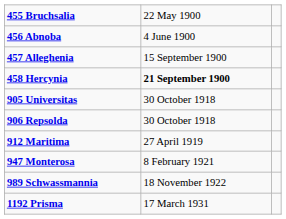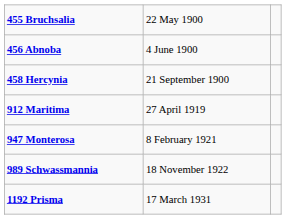 <table class="wikitable" style="font-size: 89%; float: left; width: 26em; margin-right: 1em; height: 280px;">
 <tr>
 <td><strong><a href='#'>455 Bruchsalia</a></strong></td>
 <td>22 May 1900</td>
 <td> </td>
 </tr>
 <tr>
 <td><strong><a href='#'>456 Abnoba</a></strong></td>
 <td>4 June 1900</td>
 <td> </td>
 </tr>
 <tr>
-<td><strong><a href='#'>457 Alleghenia</a></strong></td>
-<td>15 September 1900</td>
+<td><strong><a href='#'>458 Hercynia</a></strong></td>
+<td>21 September 1900</td>
 <td> </td>
-</tr>
-<tr>
-<td><strong><a href='#'>458 Hercynia</a></strong></td>
-<td><strong>21 September 1900</strong></td>
-<td> </td>
-</tr>
-<tr>
-<td><strong><a href='#'>905 Universitas</a></strong></td>
-<td>30 October 1918</td>
-<td></td>
-</tr>
-<tr>
-<td><strong><a href='#'>906 Repsolda</a></strong></td>
-<td>30 October 1918</td>
-<td></td>
 </tr>
 <tr>
 <td><strong><a href='#'>912 Maritima</a></strong></td>
 <td>27 April 1919</td>
 <td></td>
 </tr>
 <tr>
 <td><strong><a href='#'>947 Monterosa</a></strong></td>
 <td>8 February 1921</td>
 <td></td>
 </tr>
 <tr>
 <td><strong><a href='#'>989 Schwassmannia</a></strong></td>
 <td>18 November 1922</td>
 <td></td>
 </tr>
 <tr>
 <td><strong><a href='#'>1192 Prisma</a></strong></td>
 <td>17 March 1931</td>
 <td></td>
 </tr>
 </table>
